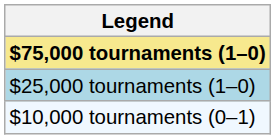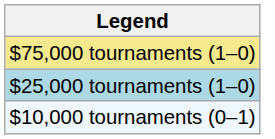 <table class="wikitable" style="font-size:85%">
 <tr>
 <th>Legend</th>
 </tr>
 <tr style="background:#f7e98e;">
-<td><strong>$75,000 tournaments (1–0)</strong></td>
+<td>$75,000 tournaments (1–0)</td>
 </tr>
 <tr style="background:lightblue;">
 <td>$25,000 tournaments (1–0)</td>
 </tr>
 <tr style="background:#f0f8ff;">
 <td>$10,000 tournaments (0–1)</td>
 </tr>
 </table>
